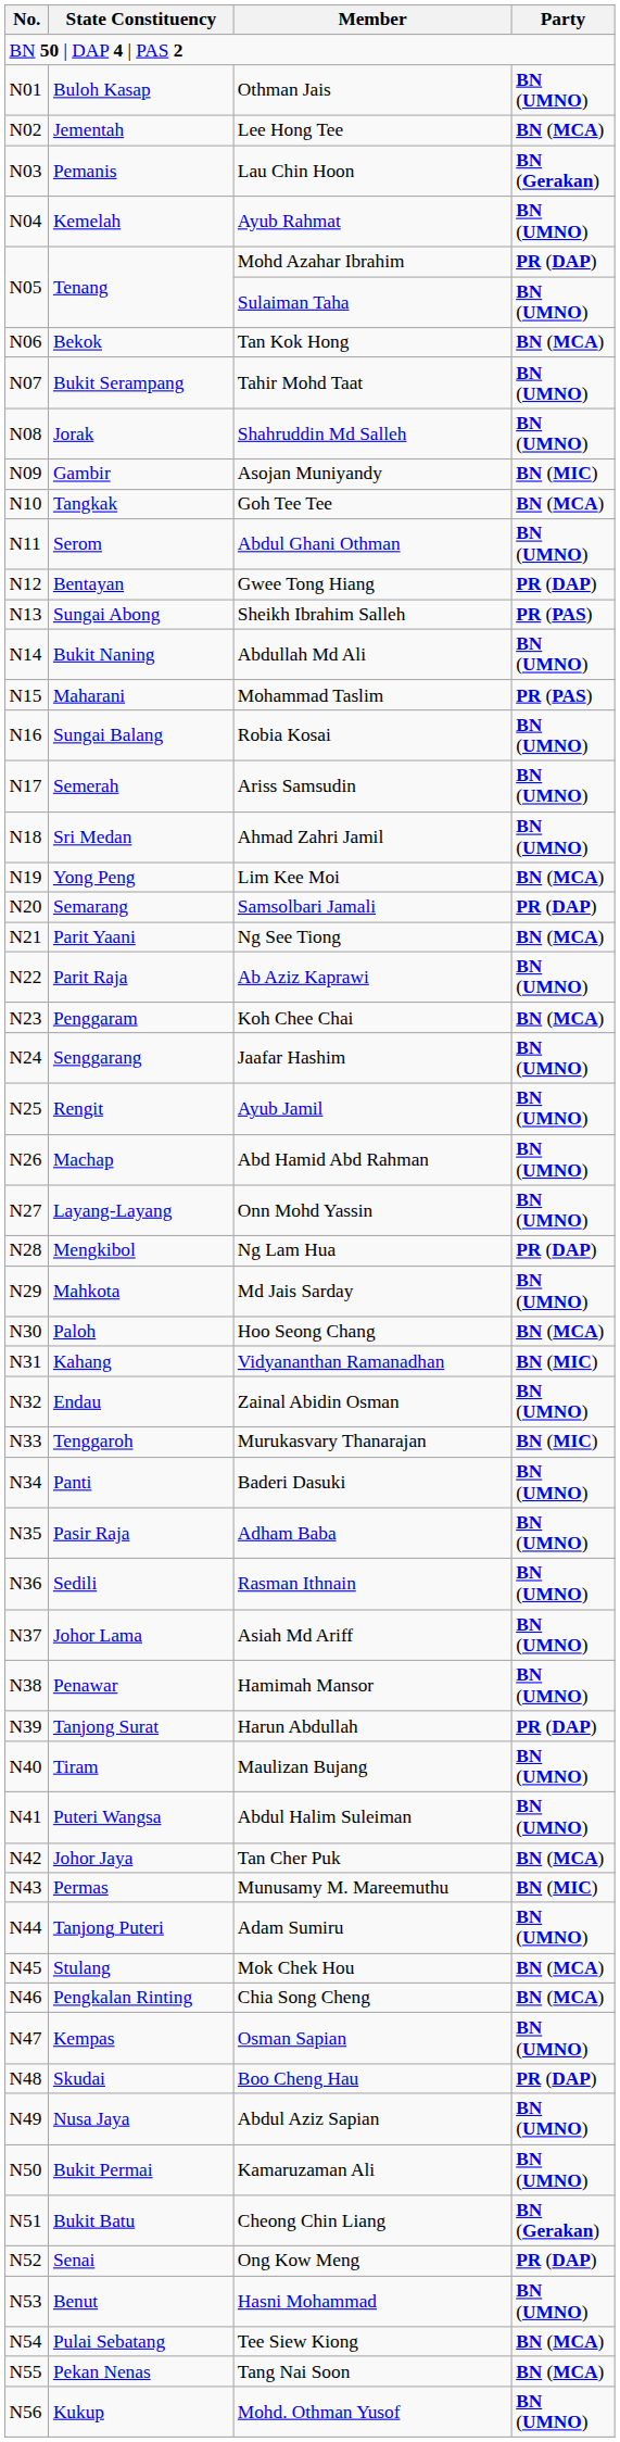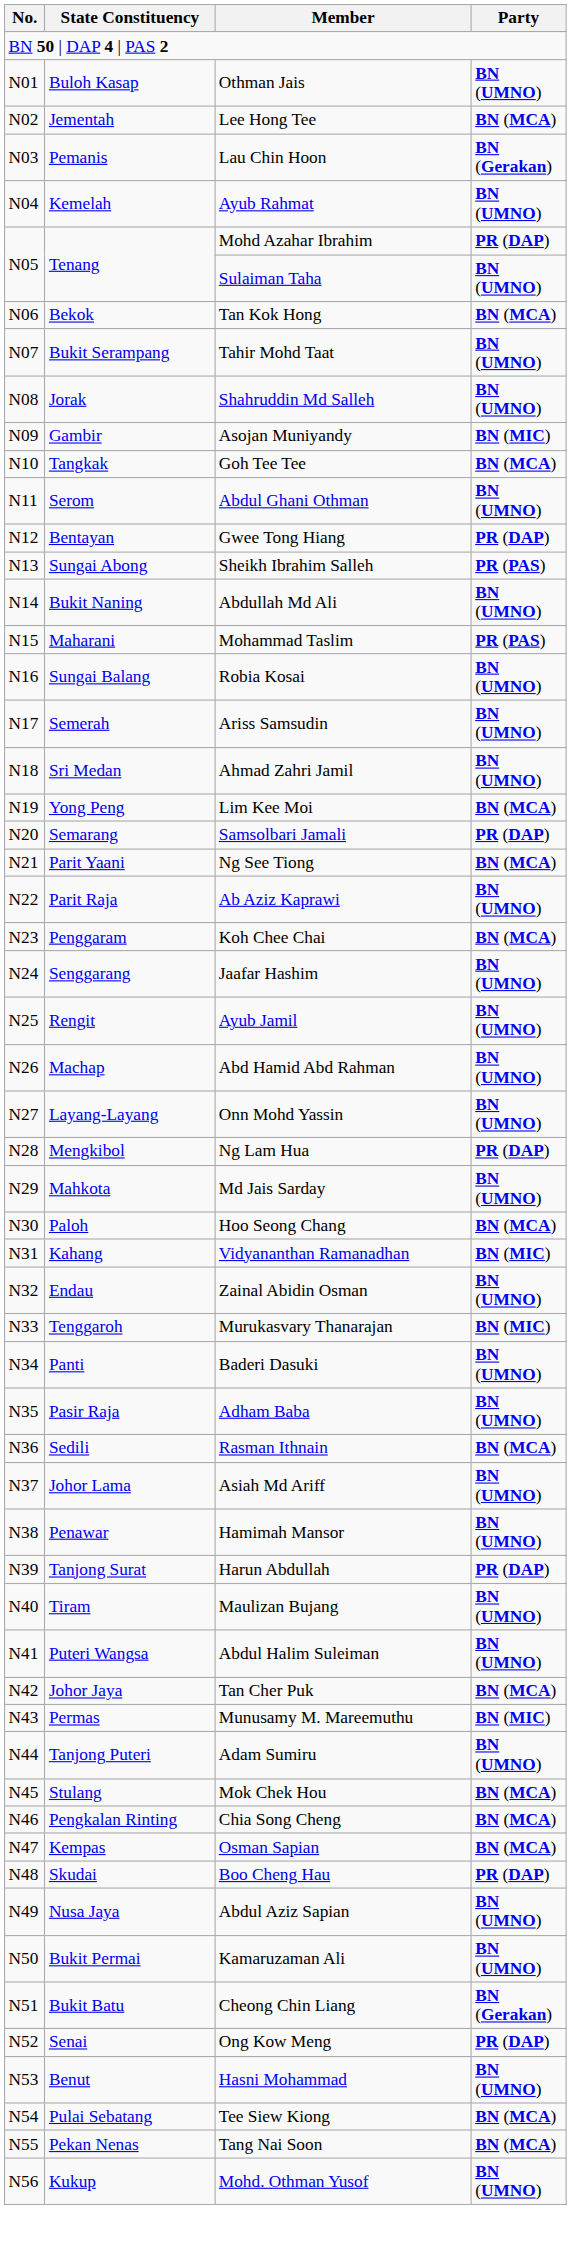 <table class="wikitable sortable">
 <tr>
 <th style="width:30px;">No.</th>
 <th style="width:150px;">State Constituency</th>
 <th style="width:230px;">Member</th>
 <th style="width:80px;">Party</th>
 </tr>
 <tr>
 <td colspan="4"><a href='#'>BN</a> <strong>50</strong> | <a href='#'>DAP</a> <strong>4</strong> | <a href='#'>PAS</a> <strong>2</strong></td>
 </tr>
 <tr>
 <td>N01</td>
 <td><a href='#'>Buloh Kasap</a></td>
 <td>Othman Jais</td>
 <td><strong><a href='#'>BN</a></strong> (<strong><a href='#'>UMNO</a></strong>)</td>
 </tr>
 <tr>
 <td>N02</td>
 <td><a href='#'>Jementah</a></td>
 <td>Lee Hong Tee</td>
 <td><strong><a href='#'>BN</a></strong> (<strong><a href='#'>MCA</a></strong>)</td>
 </tr>
 <tr>
 <td>N03</td>
 <td><a href='#'>Pemanis</a></td>
 <td>Lau Chin Hoon</td>
 <td><strong><a href='#'>BN</a></strong> (<strong><a href='#'>Gerakan</a></strong>)</td>
 </tr>
 <tr>
 <td>N04</td>
 <td><a href='#'>Kemelah</a></td>
 <td><a href='#'>Ayub Rahmat</a></td>
 <td><strong><a href='#'>BN</a></strong> (<strong><a href='#'>UMNO</a></strong>)</td>
 </tr>
 <tr>
 <td rowspan=2>N05</td>
 <td rowspan=2><a href='#'>Tenang</a></td>
 <td>Mohd Azahar Ibrahim </td>
 <td><strong><a href='#'>PR</a></strong> (<strong><a href='#'>DAP</a></strong>)</td>
 </tr>
 <tr>
 <td><a href='#'>Sulaiman Taha</a> </td>
 <td><strong><a href='#'>BN</a></strong> (<strong><a href='#'>UMNO</a></strong>)</td>
 </tr>
 <tr>
 <td>N06</td>
 <td><a href='#'>Bekok</a></td>
 <td>Tan Kok Hong</td>
 <td><strong><a href='#'>BN</a></strong> (<strong><a href='#'>MCA</a></strong>)</td>
 </tr>
 <tr>
 <td>N07</td>
 <td><a href='#'>Bukit Serampang</a></td>
 <td>Tahir Mohd Taat</td>
 <td><strong><a href='#'>BN</a></strong> (<strong><a href='#'>UMNO</a></strong>)</td>
 </tr>
 <tr>
 <td>N08</td>
 <td><a href='#'>Jorak</a></td>
 <td><a href='#'>Shahruddin Md Salleh</a></td>
 <td><strong><a href='#'>BN</a></strong> (<strong><a href='#'>UMNO</a></strong>)</td>
 </tr>
 <tr>
 <td>N09</td>
 <td><a href='#'>Gambir</a></td>
 <td>Asojan Muniyandy</td>
 <td><strong><a href='#'>BN</a></strong> (<strong><a href='#'>MIC</a></strong>)</td>
 </tr>
 <tr>
 <td>N10</td>
 <td><a href='#'>Tangkak</a></td>
 <td>Goh Tee Tee</td>
 <td><strong><a href='#'>BN</a></strong> (<strong><a href='#'>MCA</a></strong>)</td>
 </tr>
 <tr>
 <td>N11</td>
 <td><a href='#'>Serom</a></td>
 <td><a href='#'>Abdul Ghani Othman</a></td>
 <td><strong><a href='#'>BN</a></strong> (<strong><a href='#'>UMNO</a></strong>)</td>
 </tr>
 <tr>
 <td>N12</td>
 <td><a href='#'>Bentayan</a></td>
 <td>Gwee Tong Hiang</td>
 <td><strong><a href='#'>PR</a></strong> (<strong><a href='#'>DAP</a></strong>)</td>
 </tr>
 <tr>
 <td>N13</td>
 <td><a href='#'>Sungai Abong</a></td>
 <td>Sheikh Ibrahim Salleh</td>
 <td><strong><a href='#'>PR</a></strong> (<strong><a href='#'>PAS</a></strong>)</td>
 </tr>
 <tr>
 <td>N14</td>
 <td><a href='#'>Bukit Naning</a></td>
 <td>Abdullah Md Ali</td>
 <td><strong><a href='#'>BN</a></strong> (<strong><a href='#'>UMNO</a></strong>)</td>
 </tr>
 <tr>
 <td>N15</td>
 <td><a href='#'>Maharani</a></td>
 <td>Mohammad Taslim</td>
 <td><strong><a href='#'>PR</a></strong> (<strong><a href='#'>PAS</a></strong>)</td>
 </tr>
 <tr>
 <td>N16</td>
 <td><a href='#'>Sungai Balang</a></td>
 <td>Robia Kosai</td>
 <td><strong><a href='#'>BN</a></strong> (<strong><a href='#'>UMNO</a></strong>)</td>
 </tr>
 <tr>
 <td>N17</td>
 <td><a href='#'>Semerah</a></td>
 <td>Ariss Samsudin</td>
 <td><strong><a href='#'>BN</a></strong> (<strong><a href='#'>UMNO</a></strong>)</td>
 </tr>
 <tr>
 <td>N18</td>
 <td><a href='#'>Sri Medan</a></td>
 <td>Ahmad Zahri Jamil</td>
 <td><strong><a href='#'>BN</a></strong> (<strong><a href='#'>UMNO</a></strong>)</td>
 </tr>
 <tr>
 <td>N19</td>
 <td><a href='#'>Yong Peng</a></td>
 <td>Lim Kee Moi</td>
 <td><strong><a href='#'>BN</a></strong> (<strong><a href='#'>MCA</a></strong>)</td>
 </tr>
 <tr>
 <td>N20</td>
 <td><a href='#'>Semarang</a></td>
 <td><a href='#'>Samsolbari Jamali</a></td>
 <td><strong><a href='#'>PR</a></strong> (<strong><a href='#'>DAP</a></strong>)</td>
 </tr>
 <tr>
 <td>N21</td>
 <td><a href='#'>Parit Yaani</a></td>
 <td>Ng See Tiong</td>
 <td><strong><a href='#'>BN</a></strong> (<strong><a href='#'>MCA</a></strong>)</td>
 </tr>
 <tr>
 <td>N22</td>
 <td><a href='#'>Parit Raja</a></td>
 <td><a href='#'>Ab Aziz Kaprawi</a></td>
 <td><strong><a href='#'>BN</a></strong> (<strong><a href='#'>UMNO</a></strong>)</td>
 </tr>
 <tr>
 <td>N23</td>
 <td><a href='#'>Penggaram</a></td>
 <td>Koh Chee Chai</td>
 <td><strong><a href='#'>BN</a></strong> (<strong><a href='#'>MCA</a></strong>)</td>
 </tr>
 <tr>
 <td>N24</td>
 <td><a href='#'>Senggarang</a></td>
 <td>Jaafar Hashim</td>
 <td><strong><a href='#'>BN</a></strong> (<strong><a href='#'>UMNO</a></strong>)</td>
 </tr>
 <tr>
 <td>N25</td>
 <td><a href='#'>Rengit</a></td>
 <td><a href='#'>Ayub Jamil</a></td>
 <td><strong><a href='#'>BN</a></strong> (<strong><a href='#'>UMNO</a></strong>)</td>
 </tr>
 <tr>
 <td>N26</td>
 <td><a href='#'>Machap</a></td>
 <td>Abd Hamid Abd Rahman</td>
 <td><strong><a href='#'>BN</a></strong> (<strong><a href='#'>UMNO</a></strong>)</td>
 </tr>
 <tr>
 <td>N27</td>
 <td><a href='#'>Layang-Layang</a></td>
 <td>Onn Mohd Yassin</td>
 <td><strong><a href='#'>BN</a></strong> (<strong><a href='#'>UMNO</a></strong>)</td>
 </tr>
 <tr>
 <td>N28</td>
 <td><a href='#'>Mengkibol</a></td>
 <td>Ng Lam Hua</td>
 <td><strong><a href='#'>PR</a></strong> (<strong><a href='#'>DAP</a></strong>)</td>
 </tr>
 <tr>
 <td>N29</td>
 <td><a href='#'>Mahkota</a></td>
 <td>Md Jais Sarday</td>
 <td><strong><a href='#'>BN</a></strong> (<strong><a href='#'>UMNO</a></strong>)</td>
 </tr>
 <tr>
 <td>N30</td>
 <td><a href='#'>Paloh</a></td>
 <td>Hoo Seong Chang</td>
 <td><strong><a href='#'>BN</a></strong> (<strong><a href='#'>MCA</a></strong>)</td>
 </tr>
 <tr>
 <td>N31</td>
 <td><a href='#'>Kahang</a></td>
 <td><a href='#'>Vidyananthan Ramanadhan</a></td>
 <td><strong><a href='#'>BN</a></strong> (<strong><a href='#'>MIC</a></strong>)</td>
 </tr>
 <tr>
 <td>N32</td>
 <td><a href='#'>Endau</a></td>
 <td>Zainal Abidin Osman</td>
 <td><strong><a href='#'>BN</a></strong> (<strong><a href='#'>UMNO</a></strong>)</td>
 </tr>
 <tr>
 <td>N33</td>
 <td><a href='#'>Tenggaroh</a></td>
 <td>Murukasvary Thanarajan</td>
 <td><strong><a href='#'>BN</a></strong> (<strong><a href='#'>MIC</a></strong>)</td>
 </tr>
 <tr>
 <td>N34</td>
 <td><a href='#'>Panti</a></td>
 <td>Baderi Dasuki</td>
 <td><strong><a href='#'>BN</a></strong> (<strong><a href='#'>UMNO</a></strong>)</td>
 </tr>
 <tr>
 <td>N35</td>
 <td><a href='#'>Pasir Raja</a></td>
 <td><a href='#'>Adham Baba</a></td>
 <td><strong><a href='#'>BN</a></strong> (<strong><a href='#'>UMNO</a></strong>)</td>
 </tr>
 <tr>
 <td>N36</td>
 <td><a href='#'>Sedili</a></td>
 <td><a href='#'>Rasman Ithnain</a></td>
-<td><strong><a href='#'>BN</a></strong> (<strong><a href='#'>UMNO</a></strong>)</td>
+<td><strong><a href='#'>BN</a></strong> (<strong><a href='#'>MCA</a></strong>)</td>
 </tr>
 <tr>
 <td>N37</td>
 <td><a href='#'>Johor Lama</a></td>
 <td>Asiah Md Ariff</td>
 <td><strong><a href='#'>BN</a></strong> (<strong><a href='#'>UMNO</a></strong>)</td>
 </tr>
 <tr>
 <td>N38</td>
 <td><a href='#'>Penawar</a></td>
 <td>Hamimah Mansor</td>
 <td><strong><a href='#'>BN</a></strong> (<strong><a href='#'>UMNO</a></strong>)</td>
 </tr>
 <tr>
 <td>N39</td>
 <td><a href='#'>Tanjong Surat</a></td>
 <td>Harun Abdullah</td>
 <td><strong><a href='#'>PR</a></strong> (<strong><a href='#'>DAP</a></strong>)</td>
 </tr>
 <tr>
 <td>N40</td>
 <td><a href='#'>Tiram</a></td>
 <td>Maulizan Bujang</td>
 <td><strong><a href='#'>BN</a></strong> (<strong><a href='#'>UMNO</a></strong>)</td>
 </tr>
 <tr>
 <td>N41</td>
 <td><a href='#'>Puteri Wangsa</a></td>
 <td>Abdul Halim Suleiman</td>
 <td><strong><a href='#'>BN</a></strong> (<strong><a href='#'>UMNO</a></strong>)</td>
 </tr>
 <tr>
 <td>N42</td>
 <td><a href='#'>Johor Jaya</a></td>
 <td>Tan Cher Puk</td>
 <td><strong><a href='#'>BN</a></strong> (<strong><a href='#'>MCA</a></strong>)</td>
 </tr>
 <tr>
 <td>N43</td>
 <td><a href='#'>Permas</a></td>
 <td>Munusamy M. Mareemuthu</td>
 <td><strong><a href='#'>BN</a></strong> (<strong><a href='#'>MIC</a></strong>)</td>
 </tr>
 <tr>
 <td>N44</td>
 <td><a href='#'>Tanjong Puteri</a></td>
 <td>Adam Sumiru</td>
 <td><strong><a href='#'>BN</a></strong> (<strong><a href='#'>UMNO</a></strong>)</td>
 </tr>
 <tr>
 <td>N45</td>
 <td><a href='#'>Stulang</a></td>
 <td>Mok Chek Hou</td>
 <td><strong><a href='#'>BN</a></strong> (<strong><a href='#'>MCA</a></strong>)</td>
 </tr>
 <tr>
 <td>N46</td>
 <td><a href='#'>Pengkalan Rinting</a></td>
 <td>Chia Song Cheng</td>
 <td><strong><a href='#'>BN</a></strong> (<strong><a href='#'>MCA</a></strong>)</td>
 </tr>
 <tr>
 <td>N47</td>
 <td><a href='#'>Kempas</a></td>
 <td><a href='#'>Osman Sapian</a></td>
-<td><strong><a href='#'>BN</a></strong> (<strong><a href='#'>UMNO</a></strong>)</td>
+<td><strong><a href='#'>BN</a></strong> (<strong><a href='#'>MCA</a></strong>)</td>
 </tr>
 <tr>
 <td>N48</td>
 <td><a href='#'>Skudai</a></td>
 <td><a href='#'>Boo Cheng Hau</a></td>
 <td><strong><a href='#'>PR</a></strong> (<strong><a href='#'>DAP</a></strong>)</td>
 </tr>
 <tr>
 <td>N49</td>
 <td><a href='#'>Nusa Jaya</a></td>
 <td>Abdul Aziz Sapian</td>
 <td><strong><a href='#'>BN</a></strong> (<strong><a href='#'>UMNO</a></strong>)</td>
 </tr>
 <tr>
 <td>N50</td>
 <td><a href='#'>Bukit Permai</a></td>
 <td>Kamaruzaman Ali</td>
 <td><strong><a href='#'>BN</a></strong> (<strong><a href='#'>UMNO</a></strong>)</td>
 </tr>
 <tr>
 <td>N51</td>
 <td><a href='#'>Bukit Batu</a></td>
 <td>Cheong Chin Liang</td>
 <td><strong><a href='#'>BN</a></strong> (<strong><a href='#'>Gerakan</a></strong>)</td>
 </tr>
 <tr>
 <td>N52</td>
 <td><a href='#'>Senai</a></td>
 <td>Ong Kow Meng</td>
 <td><strong><a href='#'>PR</a></strong> (<strong><a href='#'>DAP</a></strong>)</td>
 </tr>
 <tr>
 <td>N53</td>
 <td><a href='#'>Benut</a></td>
 <td><a href='#'>Hasni Mohammad</a></td>
 <td><strong><a href='#'>BN</a></strong> (<strong><a href='#'>UMNO</a></strong>)</td>
 </tr>
 <tr>
 <td>N54</td>
 <td><a href='#'>Pulai Sebatang</a></td>
 <td>Tee Siew Kiong</td>
 <td><strong><a href='#'>BN</a></strong> (<strong><a href='#'>MCA</a></strong>)</td>
 </tr>
 <tr>
 <td>N55</td>
 <td><a href='#'>Pekan Nenas</a></td>
 <td>Tang Nai Soon</td>
 <td><strong><a href='#'>BN</a></strong> (<strong><a href='#'>MCA</a></strong>)</td>
 </tr>
 <tr>
 <td>N56</td>
 <td><a href='#'>Kukup</a></td>
 <td><a href='#'>Mohd. Othman Yusof</a></td>
 <td><strong><a href='#'>BN</a></strong> (<strong><a href='#'>UMNO</a></strong>)</td>
 </tr>
 </table>
